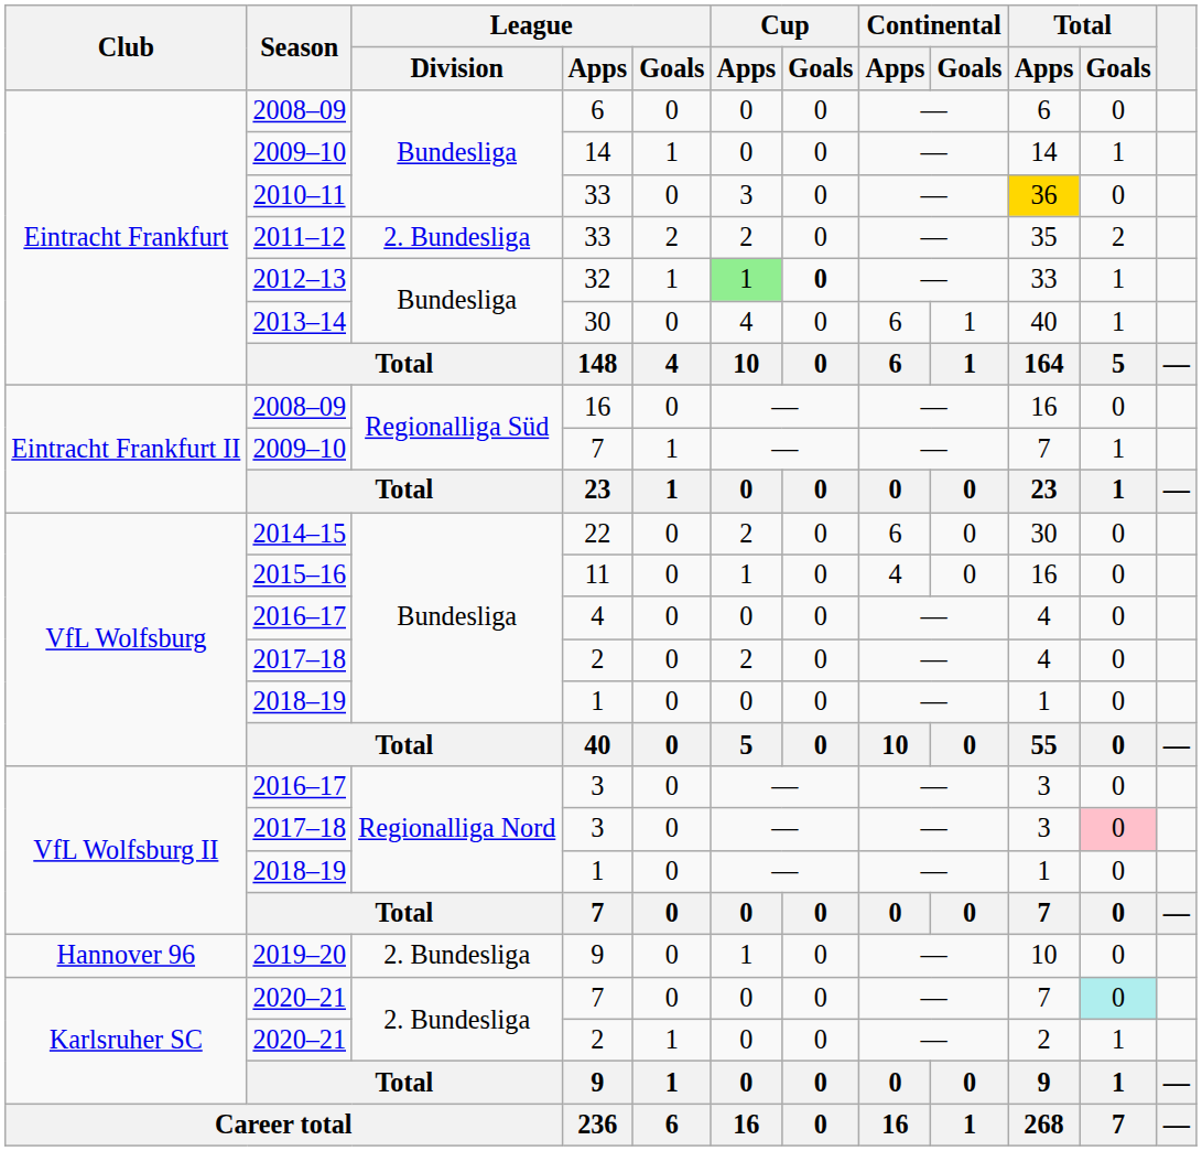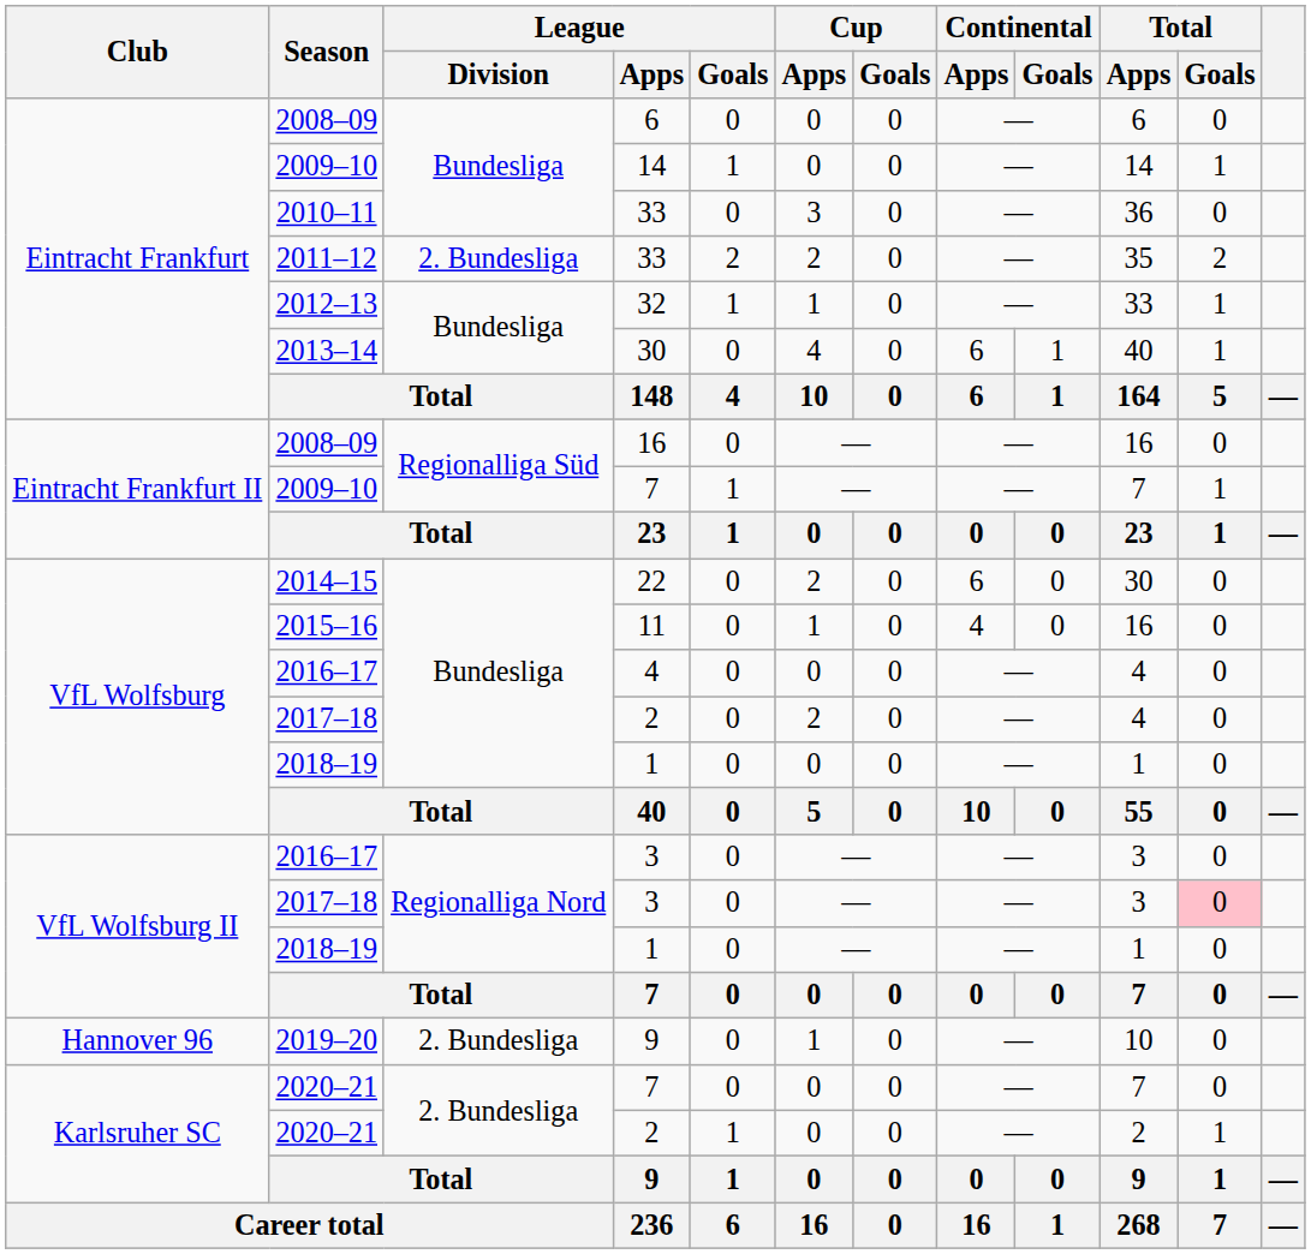 <table class="wikitable" style="text-align:center">
 <tr>
 <th rowspan="2">Club</th>
 <th rowspan="2">Season</th>
 <th colspan="3">League</th>
 <th colspan="2">Cup</th>
 <th colspan="2">Continental</th>
 <th colspan="2">Total</th>
 <th rowspan="2"></th>
 </tr>
 <tr>
 <th>Division</th>
 <th>Apps</th>
 <th>Goals</th>
 <th>Apps</th>
 <th>Goals</th>
 <th>Apps</th>
 <th>Goals</th>
 <th>Apps</th>
 <th>Goals</th>
 </tr>
 <tr>
 <td rowspan="7"><a href='#'>Eintracht Frankfurt</a></td>
 <td><a href='#'>2008–09</a></td>
 <td rowspan="3"><a href='#'>Bundesliga</a></td>
 <td>6</td>
 <td>0</td>
 <td>0</td>
 <td>0</td>
 <td colspan="2">—</td>
 <td>6</td>
 <td>0</td>
 <td></td>
 </tr>
 <tr>
 <td><a href='#'>2009–10</a></td>
 <td>14</td>
 <td>1</td>
 <td>0</td>
 <td>0</td>
 <td colspan="2">—</td>
 <td>14</td>
 <td>1</td>
 <td></td>
 </tr>
 <tr>
 <td><a href='#'>2010–11</a></td>
 <td>33</td>
 <td>0</td>
 <td>3</td>
 <td>0</td>
 <td colspan="2">—</td>
-<td style="background: gold;">36</td>
+<td>36</td>
 <td>0</td>
 <td></td>
 </tr>
 <tr>
 <td><a href='#'>2011–12</a></td>
 <td><a href='#'>2. Bundesliga</a></td>
 <td>33</td>
 <td>2</td>
 <td>2</td>
 <td>0</td>
 <td colspan="2">—</td>
 <td>35</td>
 <td>2</td>
 <td></td>
 </tr>
 <tr>
 <td><a href='#'>2012–13</a></td>
 <td rowspan="2">Bundesliga</td>
 <td>32</td>
 <td>1</td>
-<td style="background: lightgreen;">1</td>
-<td><strong>0</strong></td>
+<td>1</td>
+<td>0</td>
 <td colspan="2">—</td>
 <td>33</td>
 <td>1</td>
 <td></td>
 </tr>
 <tr>
 <td><a href='#'>2013–14</a></td>
 <td>30</td>
 <td>0</td>
 <td>4</td>
 <td>0</td>
 <td>6</td>
 <td>1</td>
 <td>40</td>
 <td>1</td>
 <td></td>
 </tr>
 <tr>
 <th colspan="2">Total</th>
 <th>148</th>
 <th>4</th>
 <th>10</th>
 <th>0</th>
 <th>6</th>
 <th>1</th>
 <th>164</th>
 <th>5</th>
 <th>—</th>
 </tr>
 <tr>
 <td rowspan="3"><a href='#'>Eintracht Frankfurt II</a></td>
 <td><a href='#'>2008–09</a></td>
 <td rowspan="2"><a href='#'>Regionalliga Süd</a></td>
 <td>16</td>
 <td>0</td>
 <td colspan="2">—</td>
 <td colspan="2">—</td>
 <td>16</td>
 <td>0</td>
 <td></td>
 </tr>
 <tr>
 <td><a href='#'>2009–10</a></td>
 <td>7</td>
 <td>1</td>
 <td colspan="2">—</td>
 <td colspan="2">—</td>
 <td>7</td>
 <td>1</td>
 <td></td>
 </tr>
 <tr>
 <th colspan="2">Total</th>
 <th>23</th>
 <th>1</th>
 <th>0</th>
 <th>0</th>
 <th>0</th>
 <th>0</th>
 <th>23</th>
 <th>1</th>
 <th>—</th>
 </tr>
 <tr>
 <td rowspan="6"><a href='#'>VfL Wolfsburg</a></td>
 <td><a href='#'>2014–15</a></td>
 <td rowspan="5">Bundesliga</td>
 <td>22</td>
 <td>0</td>
 <td>2</td>
 <td>0</td>
 <td>6</td>
 <td>0</td>
 <td>30</td>
 <td>0</td>
 <td></td>
 </tr>
 <tr>
 <td><a href='#'>2015–16</a></td>
 <td>11</td>
 <td>0</td>
 <td>1</td>
 <td>0</td>
 <td>4</td>
 <td>0</td>
 <td>16</td>
 <td>0</td>
 <td></td>
 </tr>
 <tr>
 <td><a href='#'>2016–17</a></td>
 <td>4</td>
 <td>0</td>
 <td>0</td>
 <td>0</td>
 <td colspan="2">—</td>
 <td>4</td>
 <td>0</td>
 <td></td>
 </tr>
 <tr>
 <td><a href='#'>2017–18</a></td>
 <td>2</td>
 <td>0</td>
 <td>2</td>
 <td>0</td>
 <td colspan="2">—</td>
 <td>4</td>
 <td>0</td>
 <td></td>
 </tr>
 <tr>
 <td><a href='#'>2018–19</a></td>
 <td>1</td>
 <td>0</td>
 <td>0</td>
 <td>0</td>
 <td colspan="2">—</td>
 <td>1</td>
 <td>0</td>
 <td></td>
 </tr>
 <tr>
 <th colspan="2">Total</th>
 <th>40</th>
 <th>0</th>
 <th>5</th>
 <th>0</th>
 <th>10</th>
 <th>0</th>
 <th>55</th>
 <th>0</th>
 <th>—</th>
 </tr>
 <tr>
 <td rowspan="4"><a href='#'>VfL Wolfsburg II</a></td>
 <td><a href='#'>2016–17</a></td>
 <td rowspan="3"><a href='#'>Regionalliga Nord</a></td>
 <td>3</td>
 <td>0</td>
 <td colspan="2">—</td>
 <td colspan="2">—</td>
 <td>3</td>
 <td>0</td>
 <td></td>
 </tr>
 <tr>
 <td><a href='#'>2017–18</a></td>
 <td>3</td>
 <td>0</td>
 <td colspan="2">—</td>
 <td colspan="2">—</td>
 <td>3</td>
 <td style="background: pink;">0</td>
 <td></td>
 </tr>
 <tr>
 <td><a href='#'>2018–19</a></td>
 <td>1</td>
 <td>0</td>
 <td colspan="2">—</td>
 <td colspan="2">—</td>
 <td>1</td>
 <td>0</td>
 <td></td>
 </tr>
 <tr>
 <th colspan="2">Total</th>
 <th>7</th>
 <th>0</th>
 <th>0</th>
 <th>0</th>
 <th>0</th>
 <th>0</th>
 <th>7</th>
 <th>0</th>
 <th>—</th>
 </tr>
 <tr>
 <td><a href='#'>Hannover 96</a></td>
 <td><a href='#'>2019–20</a></td>
 <td>2. Bundesliga</td>
 <td>9</td>
 <td>0</td>
 <td>1</td>
 <td>0</td>
 <td colspan="2">—</td>
 <td>10</td>
 <td>0</td>
 <td></td>
 </tr>
 <tr>
 <td rowspan="3"><a href='#'>Karlsruher SC</a></td>
 <td><a href='#'>2020–21</a></td>
 <td rowspan="2">2. Bundesliga</td>
 <td>7</td>
 <td>0</td>
 <td>0</td>
 <td>0</td>
 <td colspan="2">—</td>
 <td>7</td>
-<td style="background: paleturquoise;">0</td>
+<td>0</td>
 <td></td>
 </tr>
 <tr>
 <td><a href='#'>2020–21</a></td>
 <td>2</td>
 <td>1</td>
 <td>0</td>
 <td>0</td>
 <td colspan="2">—</td>
 <td>2</td>
 <td>1</td>
 <td></td>
 </tr>
 <tr>
 <th colspan="2">Total</th>
 <th>9</th>
 <th>1</th>
 <th>0</th>
 <th>0</th>
 <th>0</th>
 <th>0</th>
 <th>9</th>
 <th>1</th>
 <th>—</th>
 </tr>
 <tr>
 <th colspan="3">Career total</th>
 <th>236</th>
 <th>6</th>
 <th>16</th>
 <th>0</th>
 <th>16</th>
 <th>1</th>
 <th>268</th>
 <th>7</th>
 <th>—</th>
 </tr>
 </table>
